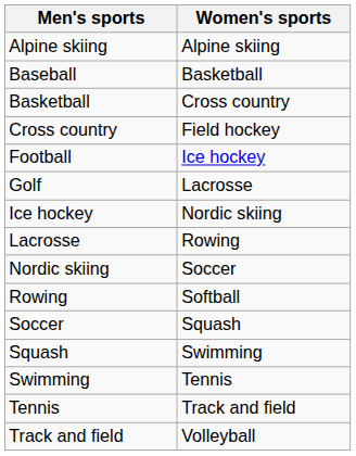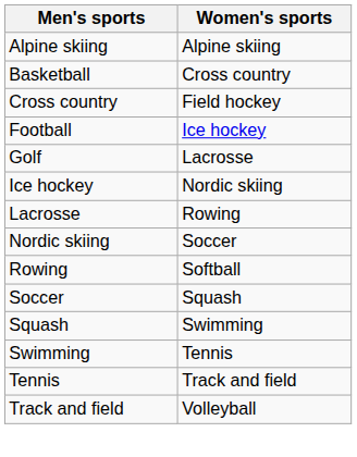 <table class="wikitable"; style= "text-align: ">
 <tr>
 <th width=150px>Men's sports</th>
 <th width=150px>Women's sports</th>
 </tr>
 <tr>
 <td>Alpine skiing</td>
 <td>Alpine skiing</td>
-</tr>
-<tr>
-<td>Baseball</td>
-<td>Basketball</td>
 </tr>
 <tr>
 <td>Basketball</td>
 <td>Cross country</td>
 </tr>
 <tr>
 <td>Cross country</td>
 <td>Field hockey</td>
 </tr>
 <tr>
 <td>Football</td>
 <td><a href='#'>Ice hockey</a></td>
 </tr>
 <tr>
 <td>Golf</td>
 <td>Lacrosse</td>
 </tr>
 <tr>
 <td>Ice hockey</td>
 <td>Nordic skiing</td>
 </tr>
 <tr>
 <td>Lacrosse</td>
 <td>Rowing</td>
 </tr>
 <tr>
 <td>Nordic skiing</td>
 <td>Soccer</td>
 </tr>
 <tr>
 <td>Rowing</td>
 <td>Softball</td>
 </tr>
 <tr>
 <td>Soccer</td>
 <td>Squash</td>
 </tr>
 <tr>
 <td>Squash</td>
 <td>Swimming</td>
 </tr>
 <tr>
 <td>Swimming</td>
 <td>Tennis</td>
 </tr>
 <tr>
 <td>Tennis</td>
 <td>Track and field</td>
 </tr>
 <tr>
 <td>Track and field</td>
 <td>Volleyball</td>
 </tr>
 </table>
